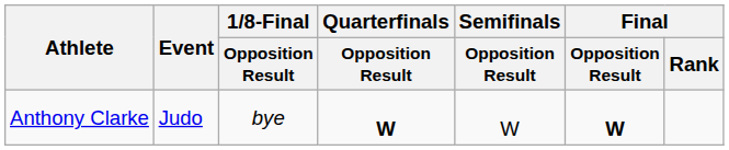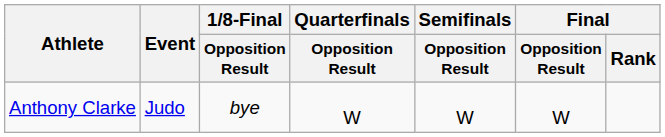 <table class="wikitable" style="font-size:90%">
 <tr>
 <th rowspan="2">Athlete</th>
 <th rowspan="2">Event</th>
 <th>1/8-Final</th>
 <th>Quarterfinals</th>
 <th>Semifinals</th>
 <th colspan="2">Final</th>
 </tr>
 <tr>
 <th style="line-height:1em"><small>Opposition<br>Result</small></th>
 <th style="line-height:1em"><small>Opposition<br>Result</small></th>
 <th style="line-height:1em"><small>Opposition<br>Result</small></th>
 <th style="line-height:1em"><small>Opposition<br>Result</small></th>
 <th style="line-height:1em">Rank</th>
 </tr>
 <tr>
 <td><a href='#'>Anthony Clarke</a></td>
 <td><a href='#'>Judo</a></td>
 <td style="text-align:center;"><em>bye</em></td>
-<td style="text-align:center;"><strong><br>W</strong></td>
 <td style="text-align:center;"><br>W</td>
-<td style="text-align:center;"><strong><br>W</strong></td>
+<td style="text-align:center;"><br>W</td>
+<td style="text-align:center;"><br>W</td>
 <td style="text-align:center;"></td>
 </tr>
 </table>
